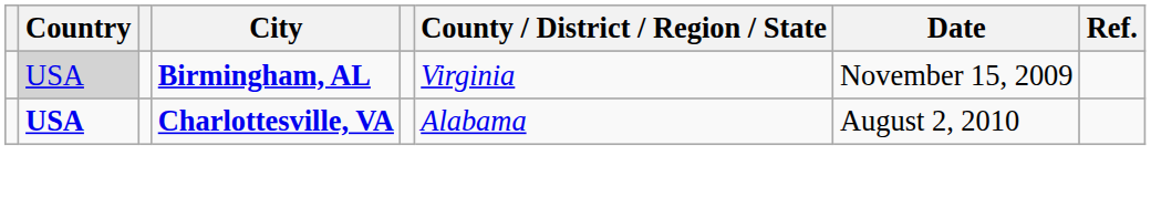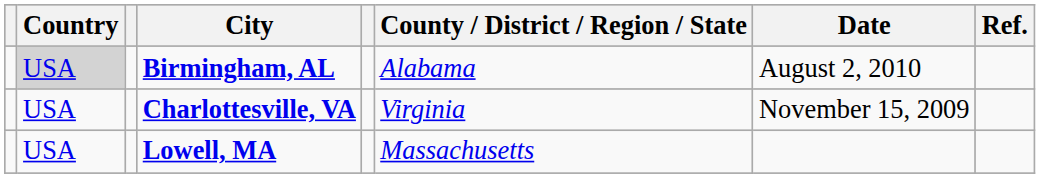 <table class="wikitable">
 <tr>
 <th style="background:"></th>
 <th style="height:17px; background: width:120px;"><span>Country</span></th>
 <th style="background:"></th>
 <th style="background:  width:130px;"><span> City</span></th>
 <th style="background:"></th>
 <th style="background: width:110px;"><span> County / District / Region / State</span></th>
 <th style="background: width:40px;"><span> Date</span></th>
 <th style="background: width:40px;"><span> Ref.</span></th>
 </tr>
 <tr>
 <td Colspan=1></td>
 <td Colspan=1 style="background: lightgrey;"><a href='#'>USA</a></td>
 <td Colspan=1></td>
 <td Colspan=1><strong><a href='#'>Birmingham, AL</a></strong></td>
 <td Colspan=1></td>
+<td Colspan=1><em><a href='#'>Alabama</a></em></td>
+<td Colspan=1>August 2, 2010</td>
+<td Colspan=1></td>
+</tr>
+<tr>
+<td Colspan=1></td>
+<td Colspan=1><a href='#'>USA</a></td>
+<td Colspan=1></td>
+<td Colspan=1><strong><a href='#'>Charlottesville, VA</a></strong></td>
+<td Colspan=1></td>
 <td Colspan=1><em><a href='#'>Virginia</a></em></td>
 <td Colspan=1>November 15, 2009</td>
 <td Colspan=1></td>
 </tr>
 <tr>
 <td Colspan=1></td>
-<td Colspan=1><strong><a href='#'>USA</a></strong></td>
+<td Colspan=1><a href='#'>USA</a></td>
 <td Colspan=1></td>
-<td Colspan=1><strong><a href='#'>Charlottesville, VA</a></strong></td>
+<td Colspan=1><strong><a href='#'>Lowell, MA</a></strong></td>
 <td Colspan=1></td>
-<td Colspan=1><em><a href='#'>Alabama</a></em></td>
-<td Colspan=1>August 2, 2010</td>
+<td Colspan=1><em><a href='#'>Massachusetts</a></em></td>
+<td Colspan=1></td>
 <td Colspan=1></td>
 </tr>
 </table>
